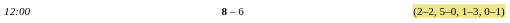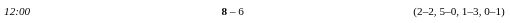 <table style="text-align:center">
 <tr>
 <th width=100></th>
 <th width=200></th>
 <th width=100></th>
 <th width=200></th>
 </tr>
 <tr>
 <td><em>12:00</em></td>
 <td align=right><strong></strong></td>
 <td><strong>8</strong> – 6</td>
 <td align=left></td>
-<td style="background: khaki;">(2–2, 5–0, 1–3, 0–1)</td>
+<td>(2–2, 5–0, 1–3, 0–1)</td>
 </tr>
 </table>
